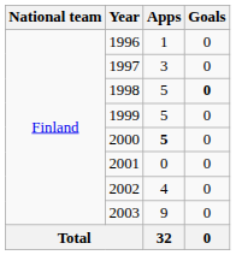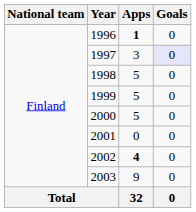 <table class="wikitable" style="text-align:center">
 <tr>
 <th>National team</th>
 <th>Year</th>
 <th>Apps</th>
 <th>Goals</th>
 </tr>
 <tr>
 <td rowspan="8"><a href='#'>Finland</a></td>
 <td>1996</td>
-<td>1</td>
+<td><strong>1</strong></td>
 <td>0</td>
 </tr>
 <tr>
 <td>1997</td>
 <td>3</td>
-<td>0</td>
+<td style="background: lavender;">0</td>
 </tr>
 <tr>
 <td>1998</td>
 <td>5</td>
-<td><strong>0</strong></td>
+<td>0</td>
 </tr>
 <tr>
 <td>1999</td>
 <td>5</td>
 <td>0</td>
 </tr>
 <tr>
 <td>2000</td>
-<td><strong>5</strong></td>
+<td>5</td>
 <td>0</td>
 </tr>
 <tr>
 <td>2001</td>
 <td>0</td>
 <td>0</td>
 </tr>
 <tr>
 <td>2002</td>
-<td>4</td>
+<td><strong>4</strong></td>
 <td>0</td>
 </tr>
 <tr>
 <td>2003</td>
 <td>9</td>
 <td>0</td>
 </tr>
 <tr>
 <th colspan="2">Total</th>
 <th>32</th>
 <th>0</th>
 </tr>
 </table>
